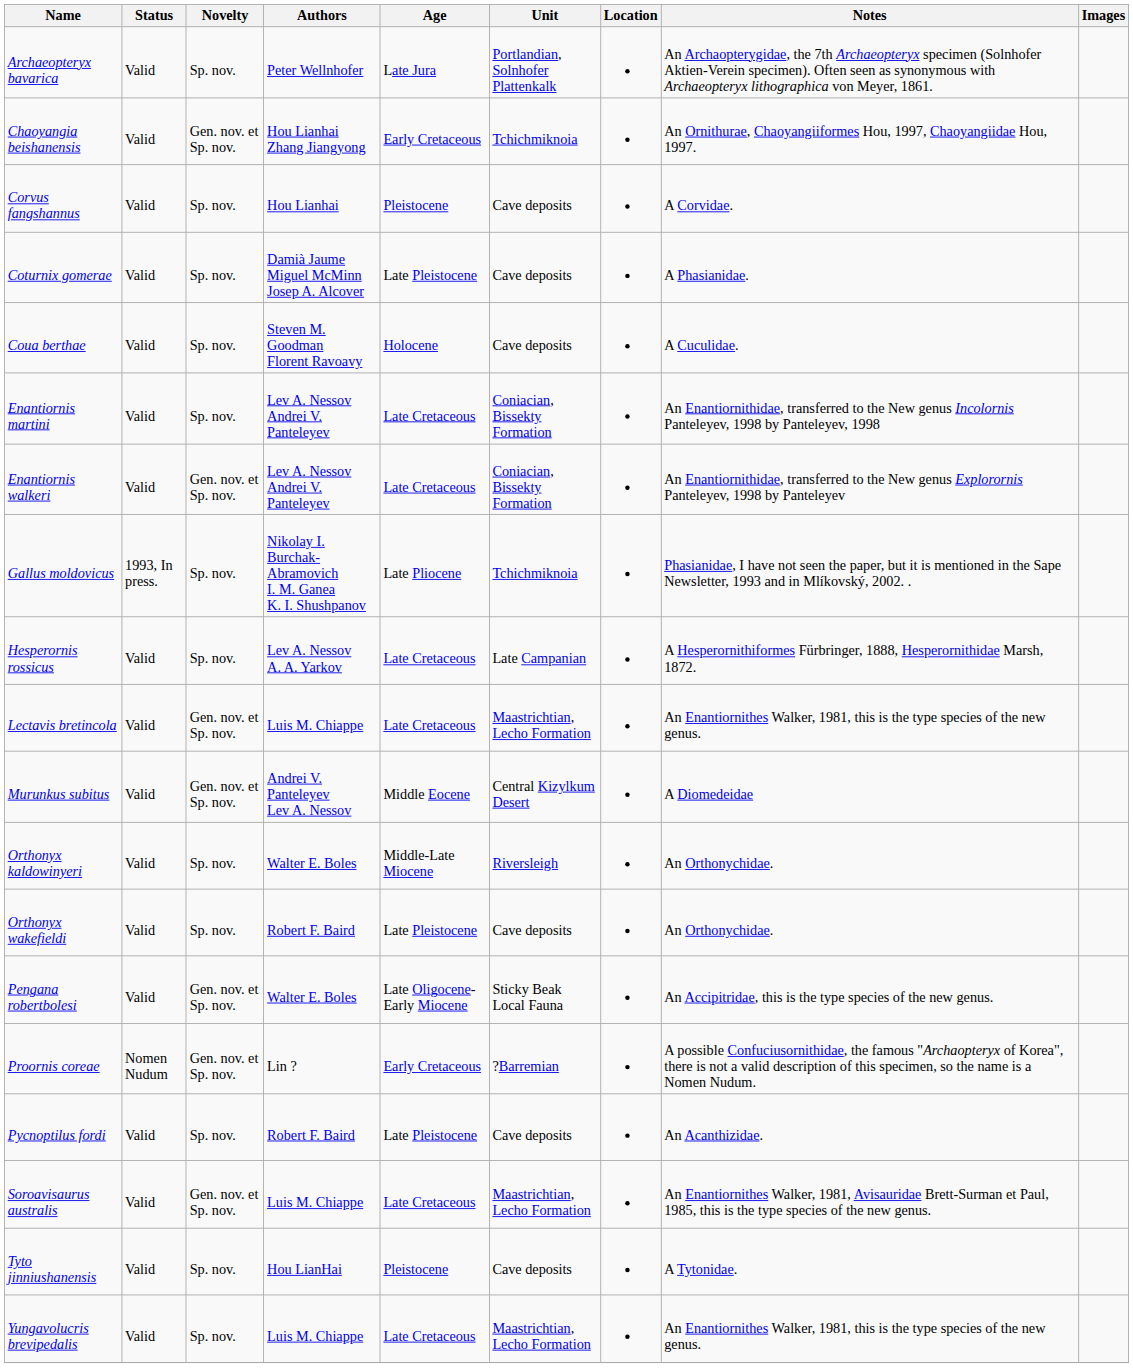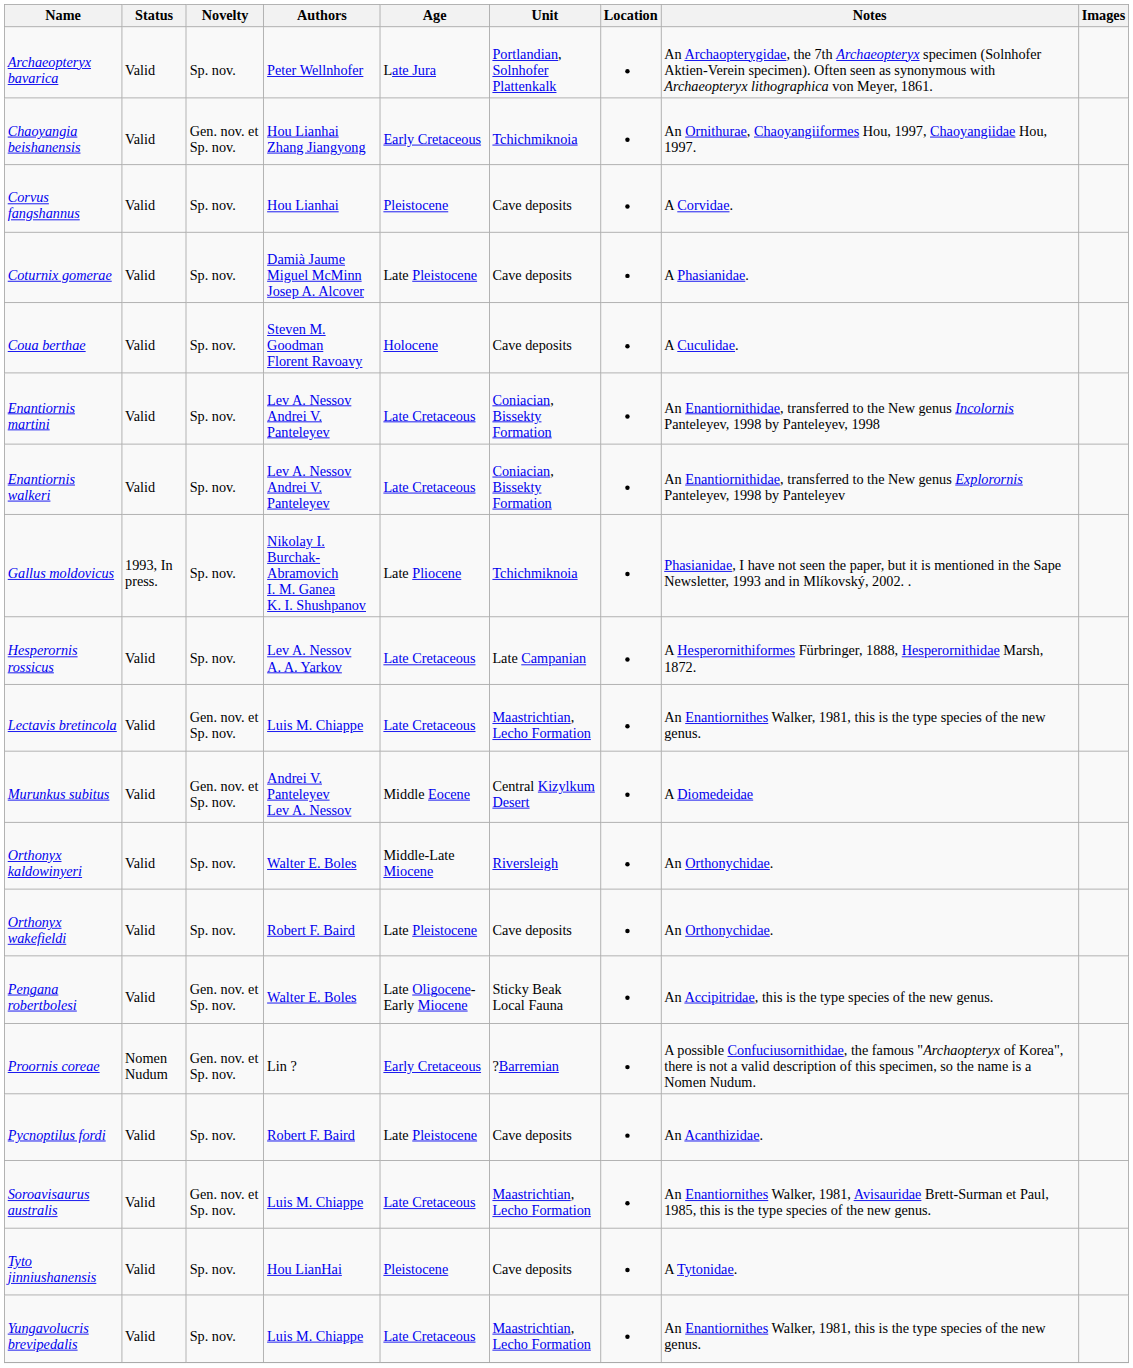 <table class="wikitable sortable" align="center" width="100%">
 <tr>
 <th>Name</th>
 <th>Status</th>
 <th>Novelty</th>
 <th>Authors</th>
 <th>Age</th>
 <th>Unit</th>
 <th>Location</th>
 <th>Notes</th>
 <th>Images</th>
 </tr>
 <tr>
 <td><br><em><a href='#'>Archaeopteryx bavarica</a></em></td>
 <td><br>Valid</td>
 <td><br>Sp. nov.</td>
 <td><br><a href='#'>Peter Wellnhofer</a></td>
 <td><br>L<a href='#'>ate Jura</a></td>
 <td><br><a href='#'>Portlandian</a>,<br><a href='#'>Solnhofer Plattenkalk</a></td>
 <td><br><ul><li></li></ul></td>
 <td><br>An <a href='#'>Archaopterygidae</a>, the 7th <em><a href='#'>Archaeopteryx</a></em> specimen (Solnhofer Aktien-Verein specimen). Often seen as synonymous with <em>Archaeopteryx lithographica</em> von Meyer, 1861.</td>
 <td></td>
 </tr>
 <tr>
 <td><br><em><a href='#'>Chaoyangia beishanensis</a></em></td>
 <td><br>Valid</td>
 <td><br>Gen. nov. et Sp. nov.</td>
 <td><br><a href='#'>Hou Lianhai</a><br><a href='#'>Zhang Jiangyong</a></td>
 <td><br><a href='#'>Early Cretaceous</a></td>
 <td><br><a href='#'>Tchichmiknoia</a></td>
 <td><br><ul><li></li></ul></td>
 <td><br>An <a href='#'>Ornithurae</a>, <a href='#'>Chaoyangiiformes</a> Hou, 1997, <a href='#'>Chaoyangiidae</a> Hou, 1997.</td>
 <td></td>
 </tr>
 <tr>
 <td><br><em><a href='#'>Corvus fangshannus</a></em></td>
 <td><br>Valid</td>
 <td><br>Sp. nov.</td>
 <td><br><a href='#'>Hou Lianhai</a></td>
 <td><br><a href='#'>Pleistocene</a></td>
 <td><br>Cave deposits</td>
 <td><br><ul><li></li></ul></td>
 <td><br>A <a href='#'>Corvidae</a>.</td>
 <td></td>
 </tr>
 <tr>
 <td><br><em><a href='#'>Coturnix gomerae</a></em></td>
 <td><br>Valid</td>
 <td><br>Sp. nov.</td>
 <td><br><a href='#'>Damià Jaume</a><br><a href='#'>Miguel McMinn</a><br><a href='#'>Josep A. Alcover</a></td>
 <td><br>Late <a href='#'>Pleistocene</a></td>
 <td><br>Cave deposits</td>
 <td><br><ul><li></li></ul></td>
 <td><br>A <a href='#'>Phasianidae</a>.</td>
 <td></td>
 </tr>
 <tr>
 <td><br><em><a href='#'>Coua berthae</a></em></td>
 <td><br>Valid</td>
 <td><br>Sp. nov.</td>
 <td><br><a href='#'>Steven M. Goodman</a><br><a href='#'>Florent Ravoavy</a></td>
 <td><br><a href='#'>Holocene</a></td>
 <td><br>Cave deposits</td>
 <td><br><ul><li></li></ul></td>
 <td><br>A <a href='#'>Cuculidae</a>.</td>
 <td></td>
 </tr>
 <tr>
 <td><br><em><a href='#'>Enantiornis martini</a></em></td>
 <td><br>Valid</td>
 <td><br>Sp. nov.</td>
 <td><br><a href='#'>Lev A. Nessov</a><br><a href='#'>Andrei V. Panteleyev</a></td>
 <td><br><a href='#'>Late Cretaceous</a></td>
 <td><br><a href='#'>Coniacian</a>,<br><a href='#'>Bissekty Formation</a></td>
 <td><br><ul><li></li></ul></td>
 <td><br>An <a href='#'>Enantiornithidae</a>, transferred to the New genus <em><a href='#'>Incolornis</a></em> Panteleyev, 1998 by Panteleyev, 1998</td>
 <td></td>
 </tr>
 <tr>
 <td><br><em><a href='#'>Enantiornis walkeri</a></em></td>
 <td><br>Valid</td>
-<td><br>Gen. nov. et Sp. nov.</td>
+<td><br>Sp. nov.</td>
 <td><br><a href='#'>Lev A. Nessov</a><br><a href='#'>Andrei V. Panteleyev</a></td>
 <td><br><a href='#'>Late Cretaceous</a></td>
 <td><br><a href='#'>Coniacian</a>,<br><a href='#'>Bissekty Formation</a></td>
 <td><br><ul><li></li></ul></td>
 <td><br>An <a href='#'>Enantiornithidae</a>, transferred to the New genus <em><a href='#'>Explorornis</a></em> Panteleyev, 1998 by Panteleyev</td>
 <td></td>
 </tr>
 <tr>
 <td><br><em><a href='#'>Gallus moldovicus</a></em></td>
 <td><br>1993, In press.</td>
 <td><br>Sp. nov.</td>
 <td><br><a href='#'>Nikolay I. Burchak-Abramovich</a><br><a href='#'>I. M. Ganea</a><br><a href='#'>K. I. Shushpanov</a></td>
 <td><br>Late <a href='#'>Pliocene</a></td>
 <td><br><a href='#'>Tchichmiknoia</a></td>
 <td><br><ul><li></li></ul></td>
 <td><br><a href='#'>Phasianidae</a>, I have not seen the paper, but it is mentioned in the Sape Newsletter, 1993 and in Mlíkovský, 2002. .</td>
 <td></td>
 </tr>
 <tr>
 <td><br><em><a href='#'>Hesperornis rossicus</a></em></td>
 <td><br>Valid</td>
 <td><br>Sp. nov.</td>
 <td><br><a href='#'>Lev A. Nessov</a><br><a href='#'>A. A. Yarkov</a></td>
 <td><br><a href='#'>Late Cretaceous</a></td>
 <td><br>Late <a href='#'>Campanian</a></td>
 <td><br><ul><li></li></ul></td>
 <td><br>A <a href='#'>Hesperornithiformes</a> Fürbringer, 1888, <a href='#'>Hesperornithidae</a> Marsh, 1872.</td>
 <td></td>
 </tr>
 <tr>
 <td><br><em><a href='#'>Lectavis bretincola</a></em></td>
 <td><br>Valid</td>
 <td><br>Gen. nov. et Sp. nov.</td>
 <td><br><a href='#'>Luis M. Chiappe</a></td>
 <td><br><a href='#'>Late Cretaceous</a></td>
 <td><br><a href='#'>Maastrichtian</a>,<br><a href='#'>Lecho Formation</a></td>
 <td><br><ul><li></li></ul></td>
 <td><br>An <a href='#'>Enantiornithes</a> Walker, 1981, this is the type species of the new genus.</td>
 <td></td>
 </tr>
 <tr>
 <td><br><em><a href='#'>Murunkus subitus</a></em></td>
 <td><br>Valid</td>
 <td><br>Gen. nov. et Sp. nov.</td>
 <td><br><a href='#'>Andrei V. Panteleyev</a><br><a href='#'>Lev A. Nessov</a></td>
 <td><br>Middle <a href='#'>Eocene</a></td>
 <td><br>Central <a href='#'>Kizylkum Desert</a></td>
 <td><br><ul><li></li></ul></td>
 <td><br>A <a href='#'>Diomedeidae</a></td>
 <td></td>
 </tr>
 <tr>
 <td><br><em><a href='#'>Orthonyx kaldowinyeri</a></em></td>
 <td><br>Valid</td>
 <td><br>Sp. nov.</td>
 <td><br><a href='#'>Walter E. Boles</a></td>
 <td><br>Middle-Late <a href='#'>Miocene</a></td>
 <td><br><a href='#'>Riversleigh</a></td>
 <td><br><ul><li></li></ul></td>
 <td><br>An <a href='#'>Orthonychidae</a>.</td>
 <td></td>
 </tr>
 <tr>
 <td><br><em><a href='#'>Orthonyx wakefieldi</a></em></td>
 <td><br>Valid</td>
 <td><br>Sp. nov.</td>
 <td><br><a href='#'>Robert F. Baird</a></td>
 <td><br>Late <a href='#'>Pleistocene</a></td>
 <td><br>Cave deposits</td>
 <td><br><ul><li></li></ul></td>
 <td><br>An <a href='#'>Orthonychidae</a>.</td>
 <td></td>
 </tr>
 <tr>
 <td><br><em><a href='#'>Pengana robertbolesi</a></em></td>
 <td><br>Valid</td>
 <td><br>Gen. nov. et Sp. nov.</td>
 <td><br><a href='#'>Walter E. Boles</a></td>
 <td><br>Late <a href='#'>Oligocene</a>-Early <a href='#'>Miocene</a></td>
 <td><br>Sticky Beak Local Fauna</td>
 <td><br><ul><li></li></ul></td>
 <td><br>An <a href='#'>Accipitridae</a>, this is the type species of the new genus.</td>
 <td></td>
 </tr>
 <tr>
 <td><br><em><a href='#'>Proornis coreae</a></em></td>
 <td><br>Nomen Nudum</td>
 <td><br>Gen. nov. et Sp. nov.</td>
 <td><br>Lin ?</td>
 <td><br><a href='#'>Early Cretaceous</a></td>
 <td><br>?<a href='#'>Barremian</a></td>
 <td><br><ul><li></li></ul></td>
 <td><br>A possible <a href='#'>Confuciusornithidae</a>, the famous "<em>Archaopteryx</em> of Korea", there is not a valid description of this specimen, so the name is a Nomen Nudum.</td>
 <td></td>
 </tr>
 <tr>
 <td><br><em><a href='#'>Pycnoptilus fordi</a></em></td>
 <td><br>Valid</td>
 <td><br>Sp. nov.</td>
 <td><br><a href='#'>Robert F. Baird</a></td>
 <td><br>Late <a href='#'>Pleistocene</a></td>
 <td><br>Cave deposits</td>
 <td><br><ul><li></li></ul></td>
 <td><br>An <a href='#'>Acanthizidae</a>.</td>
 <td></td>
 </tr>
 <tr>
 <td><br><em><a href='#'>Soroavisaurus australis</a></em></td>
 <td><br>Valid</td>
 <td><br>Gen. nov. et Sp. nov.</td>
 <td><br><a href='#'>Luis M. Chiappe</a></td>
 <td><br><a href='#'>Late Cretaceous</a></td>
 <td><br><a href='#'>Maastrichtian</a>,<br><a href='#'>Lecho Formation</a></td>
 <td><br><ul><li></li></ul></td>
 <td><br>An <a href='#'>Enantiornithes</a> Walker, 1981, <a href='#'>Avisauridae</a> Brett-Surman et Paul, 1985, this is the type species of the new genus.</td>
 <td></td>
 </tr>
 <tr>
 <td><br><em><a href='#'>Tyto jinniushanensis</a></em></td>
 <td><br>Valid</td>
 <td><br>Sp. nov.</td>
 <td><br><a href='#'>Hou LianHai</a></td>
 <td><br><a href='#'>Pleistocene</a></td>
 <td><br>Cave deposits</td>
 <td><br><ul><li></li></ul></td>
 <td><br>A <a href='#'>Tytonidae</a>.</td>
 <td></td>
 </tr>
 <tr>
 <td><br><em><a href='#'>Yungavolucris brevipedalis</a></em></td>
 <td><br>Valid</td>
 <td><br>Sp. nov.</td>
 <td><br><a href='#'>Luis M. Chiappe</a></td>
 <td><br><a href='#'>Late Cretaceous</a></td>
 <td><br><a href='#'>Maastrichtian</a>,<br><a href='#'>Lecho Formation</a></td>
 <td><br><ul><li></li></ul></td>
 <td><br>An <a href='#'>Enantiornithes</a> Walker, 1981, this is the type species of the new genus.</td>
 <td></td>
 </tr>
 <tr>
 </tr>
 </table>
